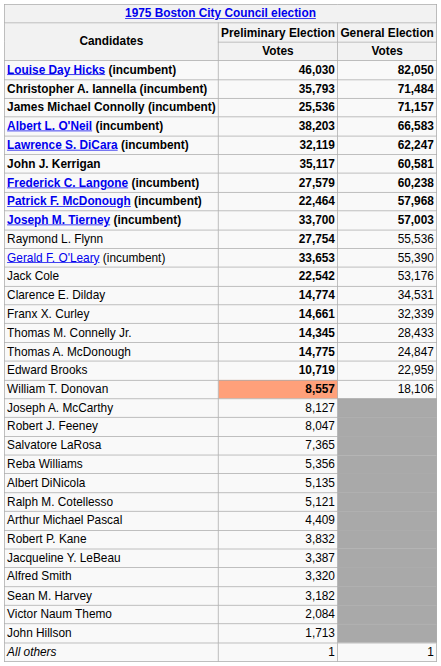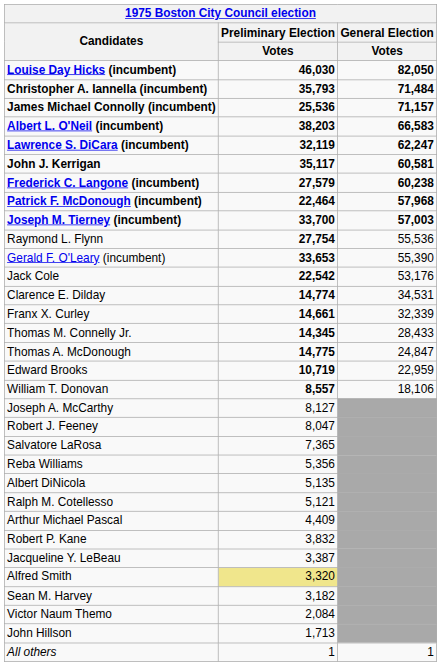 <table class=wikitable>
 <tr>
 <th colspan=3><a href='#'>1975 Boston City Council election</a></th>
 </tr>
 <tr>
 <th colspan=1 rowspan=2><strong>Candidates</strong></th>
 <th colspan=1><strong>Preliminary Election</strong></th>
 <th colspan=1><strong>General Election</strong></th>
 </tr>
 <tr>
 <th>Votes</th>
 <th>Votes</th>
 </tr>
 <tr>
 <td><strong><a href='#'>Louise Day Hicks</a> (incumbent)</strong></td>
 <td align="right"><strong>46,030</strong></td>
 <td align="right"><strong>82,050</strong></td>
 </tr>
 <tr>
 <td><strong>Christopher A. Iannella (incumbent)</strong></td>
 <td align="right"><strong>35,793</strong></td>
 <td align="right"><strong>71,484</strong></td>
 </tr>
 <tr>
 <td><strong>James Michael Connolly (incumbent)</strong></td>
 <td align="right"><strong>25,536</strong></td>
 <td align="right"><strong>71,157</strong></td>
 </tr>
 <tr>
 <td><strong><a href='#'>Albert L. O'Neil</a> (incumbent)</strong></td>
 <td align="right"><strong>38,203</strong></td>
 <td align="right"><strong>66,583</strong></td>
 </tr>
 <tr>
 <td><strong><a href='#'>Lawrence S. DiCara</a> (incumbent)</strong></td>
 <td align="right"><strong>32,119</strong></td>
 <td align="right"><strong>62,247</strong></td>
 </tr>
 <tr>
 <td><strong>John J. Kerrigan</strong></td>
 <td align="right"><strong>35,117</strong></td>
 <td align="right"><strong>60,581</strong></td>
 </tr>
 <tr>
 <td><strong><a href='#'>Frederick C. Langone</a> (incumbent)</strong></td>
 <td align="right"><strong>27,579</strong></td>
 <td align="right"><strong>60,238</strong></td>
 </tr>
 <tr>
 <td><strong><a href='#'>Patrick F. McDonough</a> (incumbent)</strong></td>
 <td align="right"><strong>22,464</strong></td>
 <td align="right"><strong>57,968</strong></td>
 </tr>
 <tr>
 <td><strong><a href='#'>Joseph M. Tierney</a> (incumbent)</strong></td>
 <td align="right"><strong>33,700</strong></td>
 <td align="right"><strong>57,003</strong></td>
 </tr>
 <tr>
 <td>Raymond L. Flynn</td>
 <td align="right"><strong>27,754</strong></td>
 <td align="right">55,536</td>
 </tr>
 <tr>
 <td><a href='#'>Gerald F. O'Leary</a> (incumbent)</td>
 <td align="right"><strong>33,653</strong></td>
 <td align="right">55,390</td>
 </tr>
 <tr>
 <td>Jack Cole</td>
 <td align="right"><strong>22,542</strong></td>
 <td align="right">53,176</td>
 </tr>
 <tr>
 <td>Clarence E. Dilday</td>
 <td align="right"><strong>14,774</strong></td>
 <td align="right">34,531</td>
 </tr>
 <tr>
 <td>Franx X. Curley</td>
 <td align="right"><strong>14,661</strong></td>
 <td align="right">32,339</td>
 </tr>
 <tr>
 <td>Thomas M. Connelly Jr.</td>
 <td align="right"><strong>14,345</strong></td>
 <td align="right">28,433</td>
 </tr>
 <tr>
 <td>Thomas A. McDonough</td>
 <td align="right"><strong>14,775</strong></td>
 <td align="right">24,847</td>
 </tr>
 <tr>
 <td>Edward Brooks</td>
 <td align="right"><strong>10,719</strong></td>
 <td align="right">22,959</td>
 </tr>
 <tr>
 <td>William T. Donovan</td>
-<td align="right" style="background: lightsalmon;"><strong>8,557</strong></td>
+<td align="right"><strong>8,557</strong></td>
 <td align="right">18,106</td>
 </tr>
 <tr>
 <td>Joseph A. McCarthy</td>
 <td align="right">8,127</td>
 <td colspan=1 bgcolor= darkgray></td>
 </tr>
 <tr>
 <td>Robert J. Feeney</td>
 <td align="right">8,047</td>
 <td colspan=1 bgcolor= darkgray></td>
 </tr>
 <tr>
 <td>Salvatore LaRosa</td>
 <td align="right">7,365</td>
 <td colspan=1 bgcolor= darkgray></td>
 </tr>
 <tr>
 <td>Reba Williams</td>
 <td align="right">5,356</td>
 <td colspan=1 bgcolor= darkgray></td>
 </tr>
 <tr>
 <td>Albert DiNicola</td>
 <td align="right">5,135</td>
 <td colspan=1 bgcolor= darkgray></td>
 </tr>
 <tr>
 <td>Ralph M. Cotellesso</td>
 <td align="right">5,121</td>
 <td colspan=1 bgcolor= darkgray></td>
 </tr>
 <tr>
 <td>Arthur Michael Pascal</td>
 <td align="right">4,409</td>
 <td colspan=1 bgcolor= darkgray></td>
 </tr>
 <tr>
 <td>Robert P. Kane</td>
 <td align="right">3,832</td>
 <td colspan=1 bgcolor= darkgray></td>
 </tr>
 <tr>
 <td>Jacqueline Y. LeBeau</td>
 <td align="right">3,387</td>
 <td colspan=1 bgcolor= darkgray></td>
 </tr>
 <tr>
 <td>Alfred Smith</td>
-<td align="right">3,320</td>
+<td align="right" style="background: khaki;">3,320</td>
 <td colspan=1 bgcolor= darkgray></td>
 </tr>
 <tr>
 <td>Sean M. Harvey</td>
 <td align="right">3,182</td>
 <td colspan=1 bgcolor= darkgray></td>
 </tr>
 <tr>
 <td>Victor Naum Themo</td>
 <td align="right">2,084</td>
 <td colspan=1 bgcolor= darkgray></td>
 </tr>
 <tr>
 <td>John Hillson</td>
 <td align="right">1,713</td>
 <td colspan=1 bgcolor= darkgray></td>
 </tr>
 <tr>
 <td><em>All others</em></td>
 <td align="right">1</td>
 <td align="right">1</td>
 </tr>
 </table>
